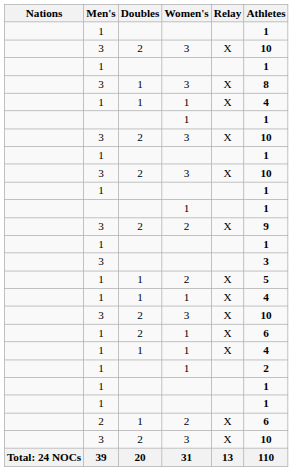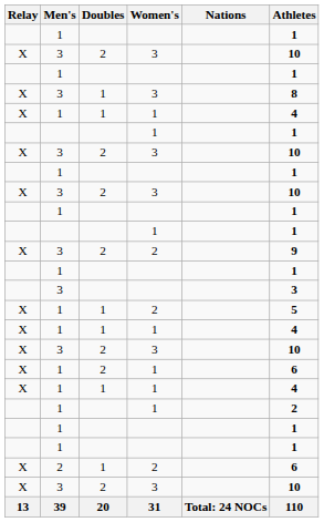 <table class="wikitable sortable" style="text-align:center;">
 <tr>
-<th>Nations</th>
+<th>Relay</th>
 <th>Men's</th>
 <th>Doubles</th>
 <th>Women's</th>
-<th>Relay</th>
+<th>Nations</th>
 <th>Athletes</th>
 </tr>
 <tr>
-<td align="left"></td>
+<td></td>
 <td>1</td>
 <td></td>
 <td></td>
-<td></td>
+<td align="left"></td>
 <td><strong>1</strong></td>
 </tr>
 <tr>
-<td align="left"></td>
+<td>X</td>
 <td>3</td>
 <td>2</td>
 <td>3</td>
-<td>X</td>
+<td align="left"></td>
 <td><strong>10</strong></td>
 </tr>
 <tr>
-<td align="left"></td>
+<td></td>
 <td>1</td>
 <td></td>
 <td></td>
-<td></td>
+<td align="left"></td>
 <td><strong>1</strong></td>
 </tr>
 <tr>
-<td align="left"></td>
+<td>X</td>
 <td>3</td>
 <td>1</td>
 <td>3</td>
-<td>X</td>
+<td align="left"></td>
 <td><strong>8</strong></td>
 </tr>
 <tr>
-<td align="left"></td>
+<td>X</td>
 <td>1</td>
 <td>1</td>
 <td>1</td>
-<td>X</td>
+<td align="left"></td>
 <td><strong>4</strong></td>
 </tr>
 <tr>
-<td align="left"></td>
+<td></td>
 <td></td>
 <td></td>
 <td>1</td>
-<td></td>
+<td align="left"></td>
 <td><strong>1</strong></td>
 </tr>
 <tr>
-<td align="left"></td>
+<td>X</td>
 <td>3</td>
 <td>2</td>
 <td>3</td>
-<td>X</td>
+<td align="left"></td>
 <td><strong>10</strong></td>
 </tr>
 <tr>
-<td align="left"></td>
+<td></td>
 <td>1</td>
 <td></td>
 <td></td>
-<td></td>
+<td align="left"></td>
 <td><strong>1</strong></td>
 </tr>
 <tr>
-<td align="left"></td>
+<td>X</td>
 <td>3</td>
 <td>2</td>
 <td>3</td>
-<td>X</td>
+<td align="left"></td>
 <td><strong>10</strong></td>
 </tr>
 <tr>
-<td align="left"></td>
+<td></td>
 <td>1</td>
 <td></td>
 <td></td>
-<td></td>
+<td align="left"></td>
 <td><strong>1</strong></td>
 </tr>
 <tr>
-<td align="left"></td>
+<td></td>
 <td></td>
 <td></td>
 <td>1</td>
-<td></td>
+<td align="left"></td>
 <td><strong>1</strong></td>
 </tr>
 <tr>
-<td align="left"></td>
+<td>X</td>
 <td>3</td>
 <td>2</td>
 <td>2</td>
-<td>X</td>
+<td align="left"></td>
 <td><strong>9</strong></td>
 </tr>
 <tr>
-<td align="left"></td>
+<td></td>
 <td>1</td>
 <td></td>
 <td></td>
-<td></td>
+<td align="left"></td>
 <td><strong>1</strong></td>
 </tr>
 <tr>
-<td align="left"></td>
+<td></td>
 <td>3</td>
 <td></td>
 <td></td>
-<td></td>
+<td align="left"></td>
 <td><strong>3</strong></td>
 </tr>
 <tr>
-<td align="left"></td>
+<td>X</td>
 <td>1</td>
 <td>1</td>
 <td>2</td>
-<td>X</td>
+<td align="left"></td>
 <td><strong>5</strong></td>
 </tr>
 <tr>
-<td align="left"></td>
+<td>X</td>
 <td>1</td>
 <td>1</td>
 <td>1</td>
-<td>X</td>
+<td align="left"></td>
 <td><strong>4</strong></td>
 </tr>
 <tr>
-<td align="left"></td>
+<td>X</td>
 <td>3</td>
 <td>2</td>
 <td>3</td>
-<td>X</td>
+<td align="left"></td>
 <td><strong>10</strong></td>
 </tr>
 <tr>
-<td align="left"></td>
+<td>X</td>
 <td>1</td>
 <td>2</td>
 <td>1</td>
-<td>X</td>
+<td align="left"></td>
 <td><strong>6</strong></td>
 </tr>
 <tr>
-<td align="left"></td>
+<td>X</td>
 <td>1</td>
 <td>1</td>
 <td>1</td>
-<td>X</td>
+<td align="left"></td>
 <td><strong>4</strong></td>
 </tr>
 <tr>
-<td align="left"></td>
+<td></td>
 <td>1</td>
 <td></td>
 <td>1</td>
-<td></td>
+<td align="left"></td>
 <td><strong>2</strong></td>
 </tr>
 <tr>
-<td align="left"></td>
+<td></td>
 <td>1</td>
 <td></td>
 <td></td>
-<td></td>
+<td align="left"></td>
 <td><strong>1</strong></td>
 </tr>
 <tr>
-<td align="left"></td>
+<td></td>
 <td>1</td>
 <td></td>
 <td></td>
-<td></td>
+<td align="left"></td>
 <td><strong>1</strong></td>
 </tr>
 <tr>
-<td align="left"></td>
+<td>X</td>
 <td>2</td>
 <td>1</td>
 <td>2</td>
-<td>X</td>
+<td align="left"></td>
 <td><strong>6</strong></td>
 </tr>
 <tr>
-<td align="left"></td>
+<td>X</td>
 <td>3</td>
 <td>2</td>
 <td>3</td>
-<td>X</td>
+<td align="left"></td>
 <td><strong>10</strong></td>
 </tr>
 <tr>
-<th>Total: 24 NOCs</th>
+<th>13</th>
 <th>39</th>
 <th>20</th>
 <th>31</th>
-<th>13</th>
+<th>Total: 24 NOCs</th>
 <th>110</th>
 </tr>
 </table>
